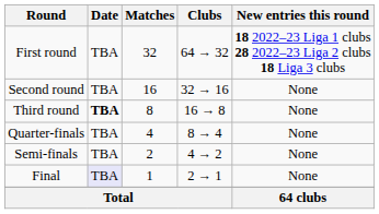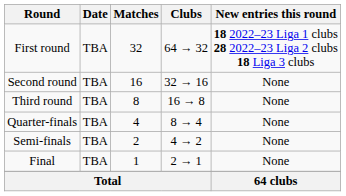 <table class="wikitable">
 <tr>
 <th>Round</th>
 <th>Date</th>
 <th>Matches</th>
 <th>Clubs</th>
 <th>New entries this round</th>
 </tr>
 <tr align=center>
 <td>First round</td>
 <td>TBA</td>
 <td>32</td>
 <td>64 → 32</td>
 <td><strong>18</strong> <a href='#'>2022–23 Liga 1</a> clubs <br> <strong>28</strong> <a href='#'>2022–23 Liga 2</a> clubs <br> <strong>18</strong> <a href='#'>Liga 3</a> clubs</td>
 </tr>
 <tr align=center>
 <td>Second round</td>
 <td>TBA</td>
 <td>16</td>
 <td>32 → 16</td>
 <td>None</td>
 </tr>
 <tr align=center>
 <td>Third round</td>
-<td><strong>TBA</strong></td>
+<td>TBA</td>
 <td>8</td>
 <td>16 → 8</td>
 <td>None</td>
 </tr>
 <tr align=center>
 <td>Quarter-finals</td>
 <td>TBA</td>
 <td>4</td>
 <td>8 → 4</td>
 <td>None</td>
 </tr>
 <tr align=center>
 <td>Semi-finals</td>
 <td>TBA</td>
 <td>2</td>
 <td>4 → 2</td>
 <td>None</td>
 </tr>
 <tr align=center>
 <td>Final</td>
-<td style="background: lavender;">TBA</td>
+<td>TBA</td>
 <td>1</td>
 <td>2 → 1</td>
 <td>None</td>
 </tr>
 <tr align=left|>
 </tr>
 <tr>
 <th colspan=4>Total</th>
 <th>64 clubs</th>
 </tr>
 </table>
